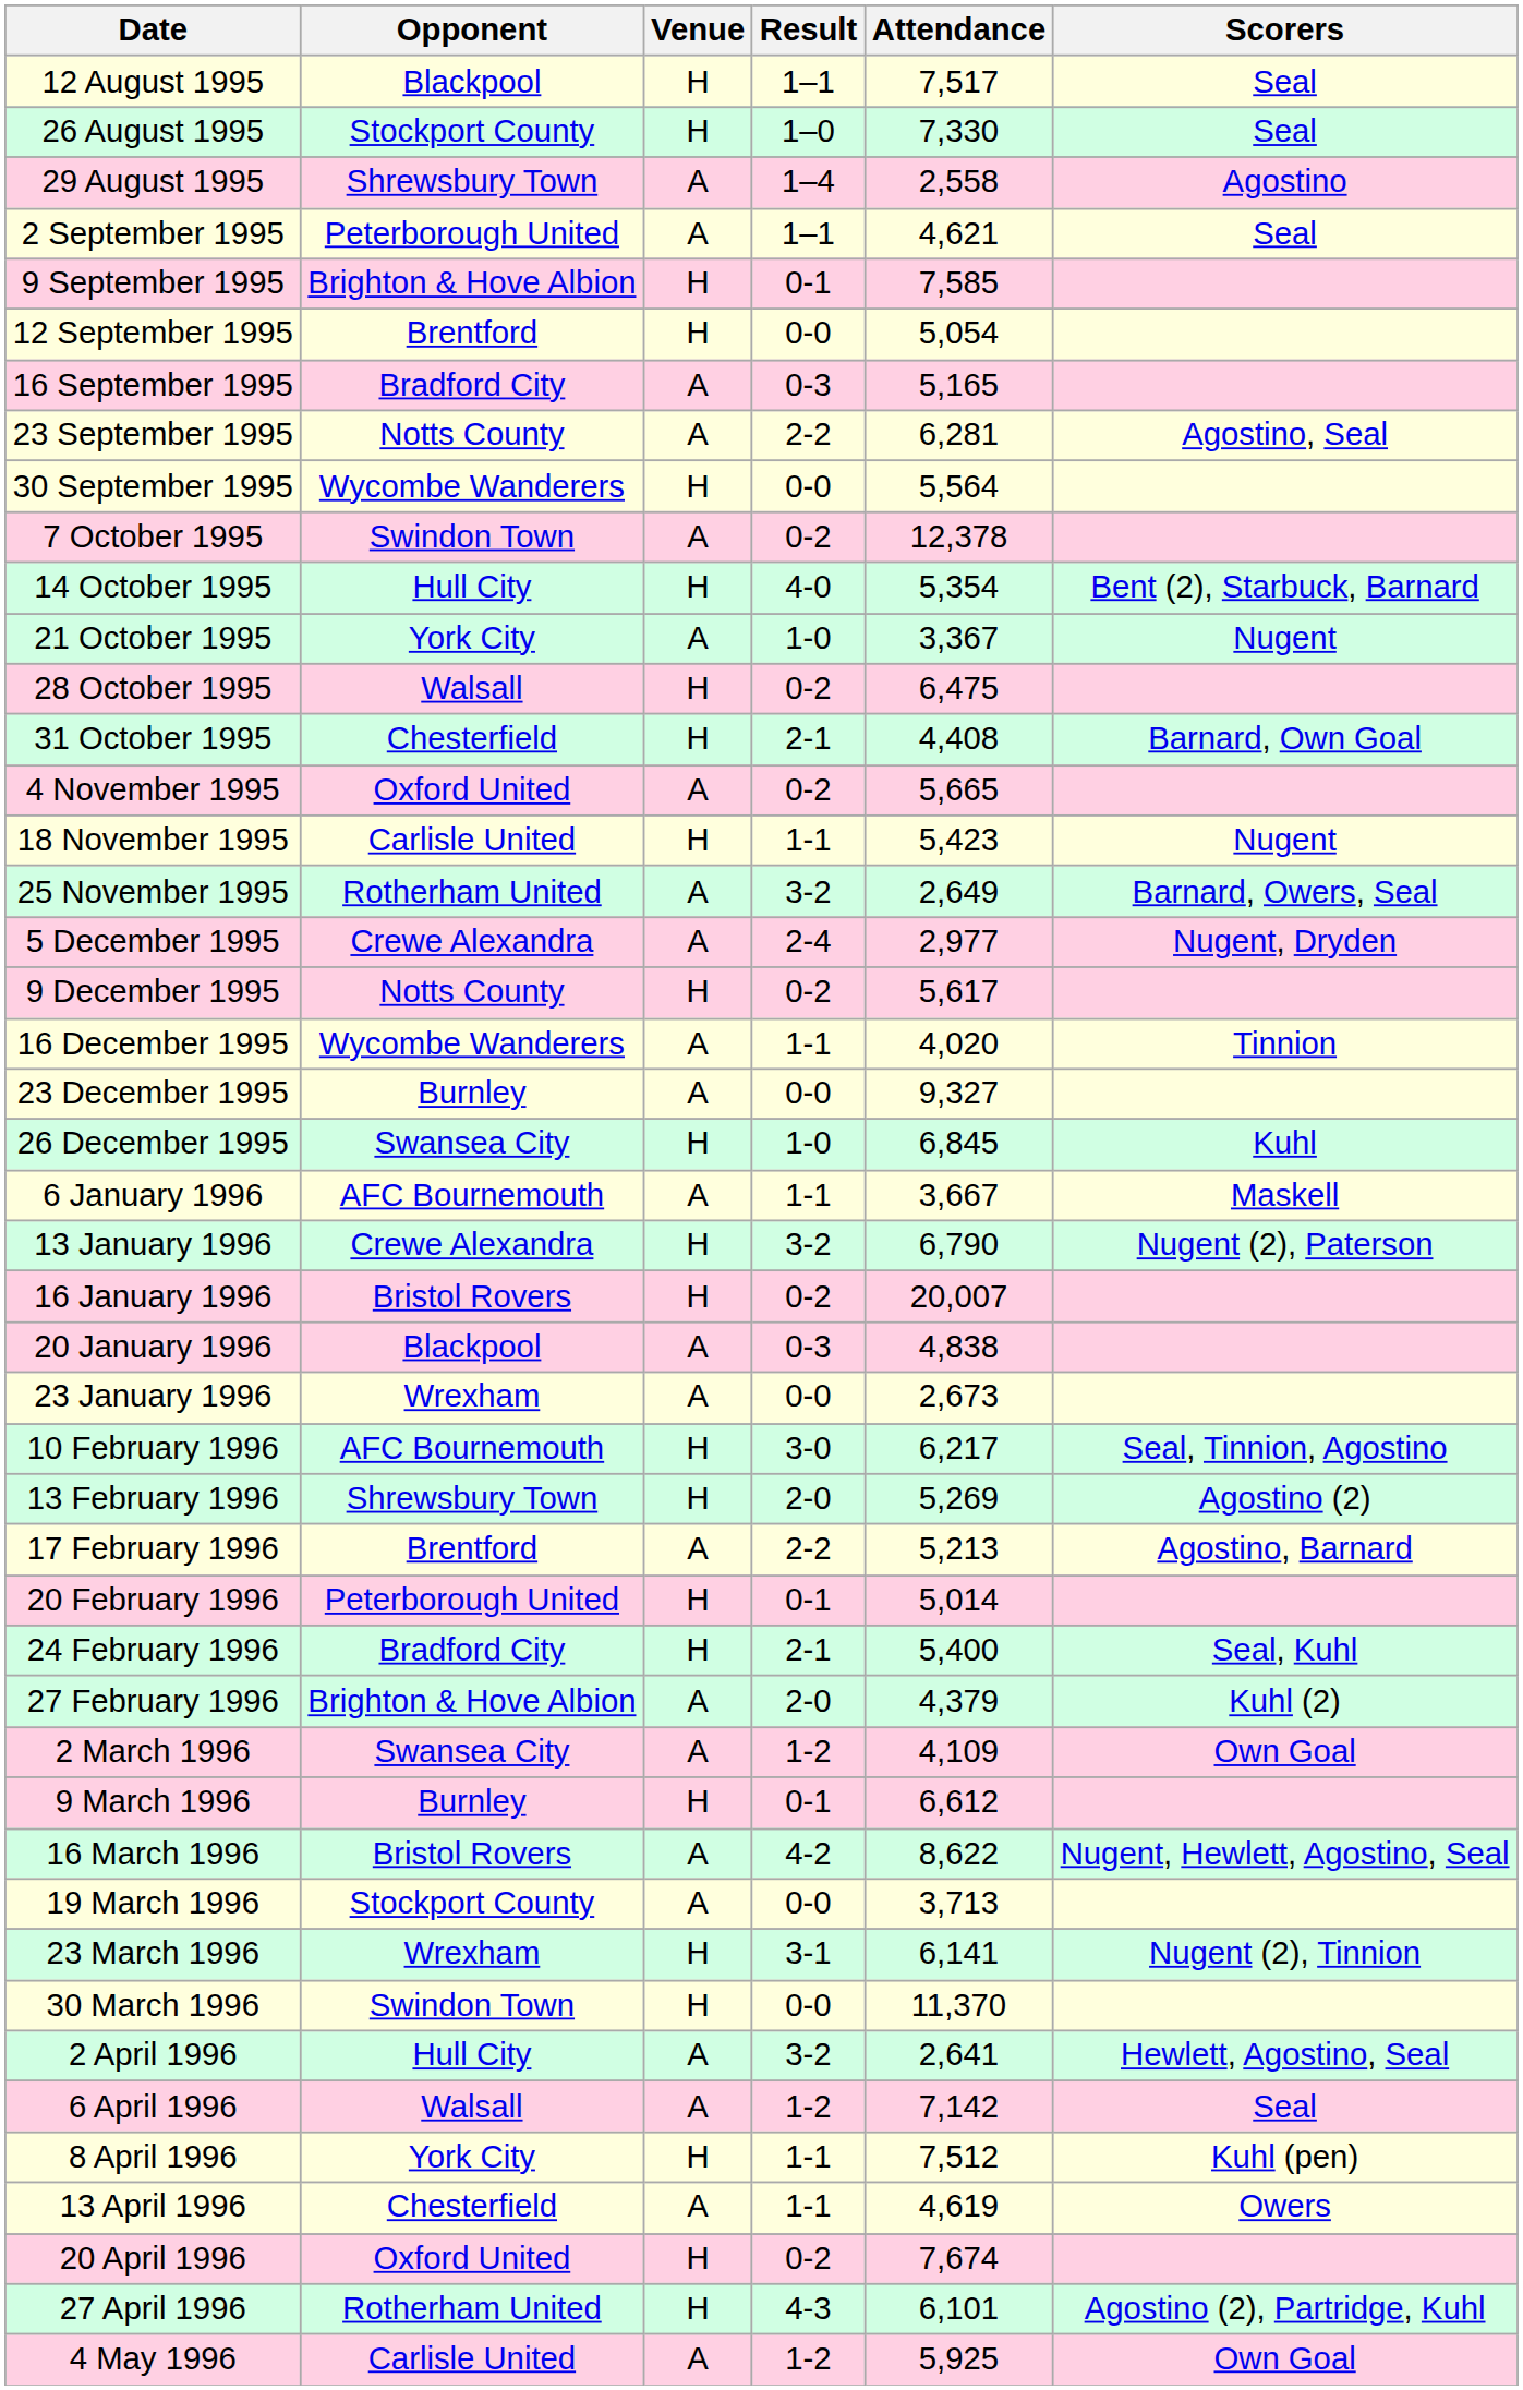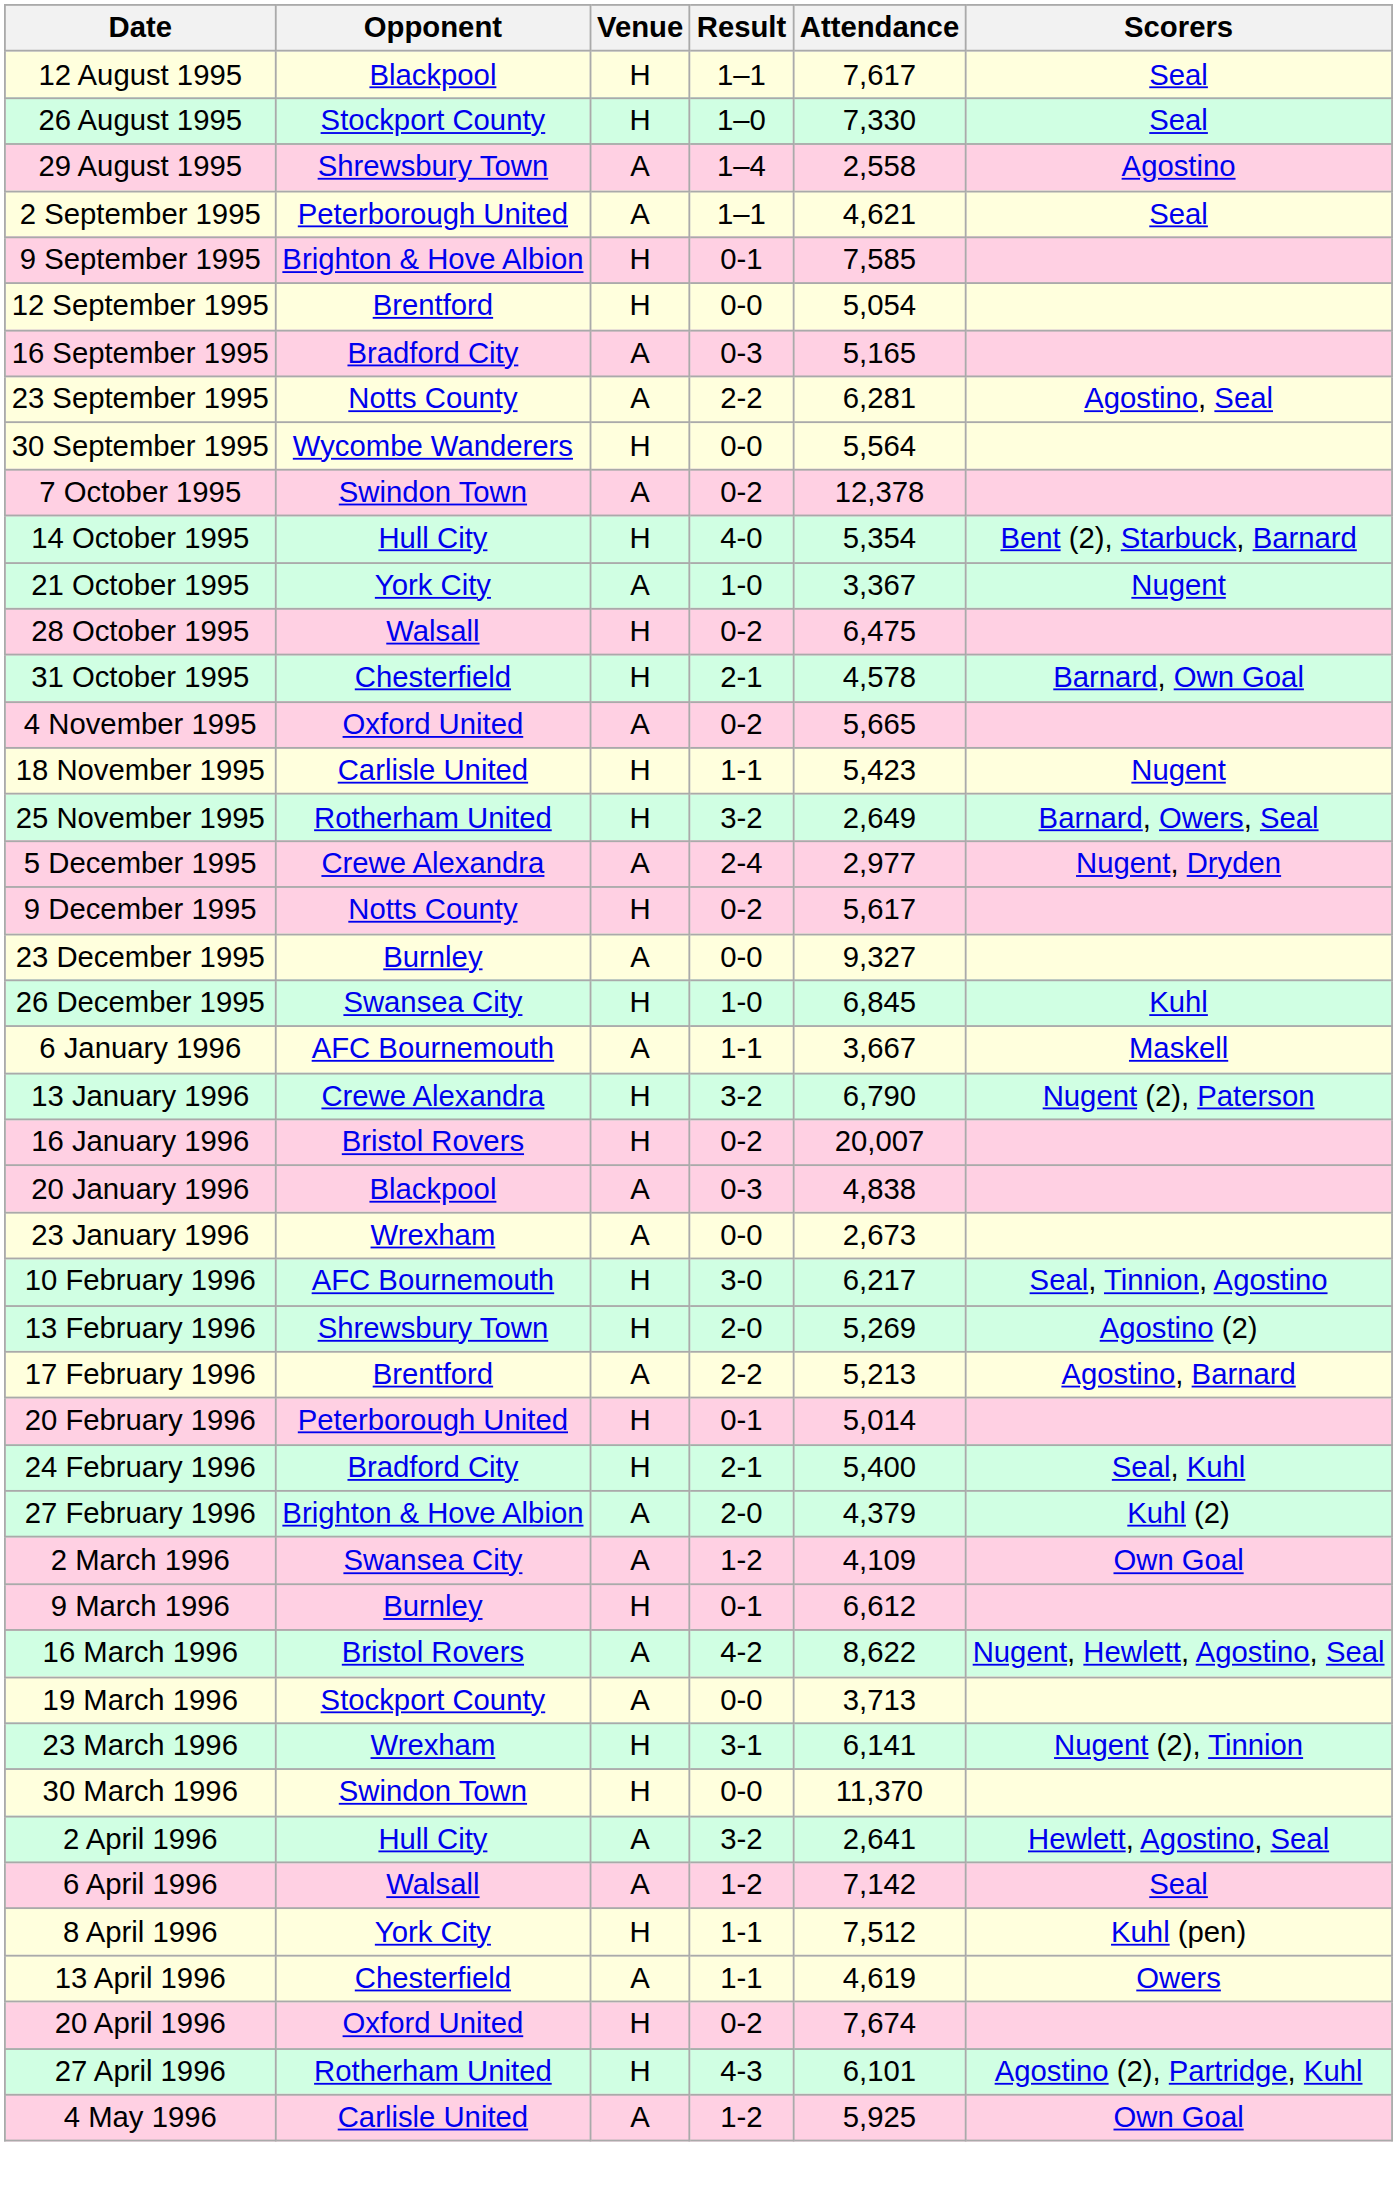 <table class="wikitable sortable" style="font-size:100%; text-align:center">
 <tr>
 <th>Date</th>
 <th>Opponent</th>
 <th>Venue</th>
 <th>Result</th>
 <th>Attendance</th>
 <th>Scorers</th>
 </tr>
 <tr style="background-color: #ffffdd;">
 <td>12 August 1995</td>
 <td><a href='#'>Blackpool</a></td>
 <td>H</td>
 <td>1–1</td>
-<td>7,517</td>
+<td>7,617</td>
 <td><a href='#'>Seal</a></td>
 </tr>
 <tr style="background-color: #d0ffe3;">
 <td>26 August 1995</td>
 <td><a href='#'>Stockport County</a></td>
 <td>H</td>
 <td>1–0</td>
 <td>7,330</td>
 <td><a href='#'>Seal</a></td>
 </tr>
 <tr style="background-color: #ffd0e3;">
 <td>29 August 1995</td>
 <td><a href='#'>Shrewsbury Town</a></td>
 <td>A</td>
 <td>1–4</td>
 <td>2,558</td>
 <td><a href='#'>Agostino</a></td>
 </tr>
 <tr style="background-color: #ffffdd;">
 <td>2 September 1995</td>
 <td><a href='#'>Peterborough United</a></td>
 <td>A</td>
 <td>1–1</td>
 <td>4,621</td>
 <td><a href='#'>Seal</a></td>
 </tr>
 <tr style="background-color: #ffd0e3;">
 <td>9 September 1995</td>
 <td><a href='#'>Brighton & Hove Albion</a></td>
 <td>H</td>
 <td>0-1</td>
 <td>7,585</td>
 <td></td>
 </tr>
 <tr style="background-color: #ffffdd;">
 <td>12 September 1995</td>
 <td><a href='#'>Brentford</a></td>
 <td>H</td>
 <td>0-0</td>
 <td>5,054</td>
 <td></td>
 </tr>
 <tr style="background-color: #ffd0e3;">
 <td>16 September 1995</td>
 <td><a href='#'>Bradford City</a></td>
 <td>A</td>
 <td>0-3</td>
 <td>5,165</td>
 <td></td>
 </tr>
 <tr style="background-color: #ffffdd;">
 <td>23 September 1995</td>
 <td><a href='#'>Notts County</a></td>
 <td>A</td>
 <td>2-2</td>
 <td>6,281</td>
 <td><a href='#'>Agostino</a>, <a href='#'>Seal</a></td>
 </tr>
 <tr style="background-color: #ffffdd;">
 <td>30 September 1995</td>
 <td><a href='#'>Wycombe Wanderers</a></td>
 <td>H</td>
 <td>0-0</td>
 <td>5,564</td>
 <td></td>
 </tr>
 <tr style="background-color: #ffd0e3;">
 <td>7 October 1995</td>
 <td><a href='#'>Swindon Town</a></td>
 <td>A</td>
 <td>0-2</td>
 <td>12,378</td>
 <td></td>
 </tr>
 <tr style="background-color: #d0ffe3;">
 <td>14 October 1995</td>
 <td><a href='#'>Hull City</a></td>
 <td>H</td>
 <td>4-0</td>
 <td>5,354</td>
 <td><a href='#'>Bent</a> (2), <a href='#'>Starbuck</a>, <a href='#'>Barnard</a></td>
 </tr>
 <tr style="background-color: #d0ffe3;">
 <td>21 October 1995</td>
 <td><a href='#'>York City</a></td>
 <td>A</td>
 <td>1-0</td>
 <td>3,367</td>
 <td><a href='#'>Nugent</a></td>
 </tr>
 <tr style="background-color: #ffd0e3;">
 <td>28 October 1995</td>
 <td><a href='#'>Walsall</a></td>
 <td>H</td>
 <td>0-2</td>
 <td>6,475</td>
 <td></td>
 </tr>
 <tr style="background-color: #d0ffe3;">
 <td>31 October 1995</td>
 <td><a href='#'>Chesterfield</a></td>
 <td>H</td>
 <td>2-1</td>
-<td>4,408</td>
+<td>4,578</td>
 <td><a href='#'>Barnard</a>, <a href='#'>Own Goal</a></td>
 </tr>
 <tr style="background-color: #ffd0e3;">
 <td>4 November 1995</td>
 <td><a href='#'>Oxford United</a></td>
 <td>A</td>
 <td>0-2</td>
 <td>5,665</td>
 <td></td>
 </tr>
 <tr style="background-color: #ffffdd;">
 <td>18 November 1995</td>
 <td><a href='#'>Carlisle United</a></td>
 <td>H</td>
 <td>1-1</td>
 <td>5,423</td>
 <td><a href='#'>Nugent</a></td>
 </tr>
 <tr style="background-color: #d0ffe3;">
 <td>25 November 1995</td>
 <td><a href='#'>Rotherham United</a></td>
-<td>A</td>
+<td>H</td>
 <td>3-2</td>
 <td>2,649</td>
 <td><a href='#'>Barnard</a>, <a href='#'>Owers</a>, <a href='#'>Seal</a></td>
 </tr>
 <tr style="background-color: #ffd0e3;">
 <td>5 December 1995</td>
 <td><a href='#'>Crewe Alexandra</a></td>
 <td>A</td>
 <td>2-4</td>
 <td>2,977</td>
 <td><a href='#'>Nugent</a>, <a href='#'>Dryden</a></td>
 </tr>
 <tr style="background-color: #ffd0e3;">
 <td>9 December 1995</td>
 <td><a href='#'>Notts County</a></td>
 <td>H</td>
 <td>0-2</td>
 <td>5,617</td>
 <td></td>
-</tr>
-<tr style="background-color: #ffffdd;">
-<td>16 December 1995</td>
-<td><a href='#'>Wycombe Wanderers</a></td>
-<td>A</td>
-<td>1-1</td>
-<td>4,020</td>
-<td><a href='#'>Tinnion</a></td>
 </tr>
 <tr style="background-color: #ffffdd;">
 <td>23 December 1995</td>
 <td><a href='#'>Burnley</a></td>
 <td>A</td>
 <td>0-0</td>
 <td>9,327</td>
 <td></td>
 </tr>
 <tr style="background-color: #d0ffe3;">
 <td>26 December 1995</td>
 <td><a href='#'>Swansea City</a></td>
 <td>H</td>
 <td>1-0</td>
 <td>6,845</td>
 <td><a href='#'>Kuhl</a></td>
 </tr>
 <tr style="background-color: #ffffdd;">
 <td>6 January 1996</td>
 <td><a href='#'>AFC Bournemouth</a></td>
 <td>A</td>
 <td>1-1</td>
 <td>3,667</td>
 <td><a href='#'>Maskell</a></td>
 </tr>
 <tr style="background-color: #d0ffe3;">
 <td>13 January 1996</td>
 <td><a href='#'>Crewe Alexandra</a></td>
 <td>H</td>
 <td>3-2</td>
 <td>6,790</td>
 <td><a href='#'>Nugent</a> (2), <a href='#'>Paterson</a></td>
 </tr>
 <tr style="background-color: #ffd0e3;">
 <td>16 January 1996</td>
 <td><a href='#'>Bristol Rovers</a></td>
 <td>H</td>
 <td>0-2</td>
 <td>20,007</td>
 <td></td>
 </tr>
 <tr style="background-color: #ffd0e3;">
 <td>20 January 1996</td>
 <td><a href='#'>Blackpool</a></td>
 <td>A</td>
 <td>0-3</td>
 <td>4,838</td>
 <td></td>
 </tr>
 <tr style="background-color: #ffffdd;">
 <td>23 January 1996</td>
 <td><a href='#'>Wrexham</a></td>
 <td>A</td>
 <td>0-0</td>
 <td>2,673</td>
 <td></td>
 </tr>
 <tr style="background-color: #d0ffe3;">
 <td>10 February 1996</td>
 <td><a href='#'>AFC Bournemouth</a></td>
 <td>H</td>
 <td>3-0</td>
 <td>6,217</td>
 <td><a href='#'>Seal</a>, <a href='#'>Tinnion</a>, <a href='#'>Agostino</a></td>
 </tr>
 <tr style="background-color: #d0ffe3;">
 <td>13 February 1996</td>
 <td><a href='#'>Shrewsbury Town</a></td>
 <td>H</td>
 <td>2-0</td>
 <td>5,269</td>
 <td><a href='#'>Agostino</a> (2)</td>
 </tr>
 <tr style="background-color: #ffffdd;">
 <td>17 February 1996</td>
 <td><a href='#'>Brentford</a></td>
 <td>A</td>
 <td>2-2</td>
 <td>5,213</td>
 <td><a href='#'>Agostino</a>, <a href='#'>Barnard</a></td>
 </tr>
 <tr style="background-color: #ffd0e3;">
 <td>20 February 1996</td>
 <td><a href='#'>Peterborough United</a></td>
 <td>H</td>
 <td>0-1</td>
 <td>5,014</td>
 <td></td>
 </tr>
 <tr style="background-color: #d0ffe3;">
 <td>24 February 1996</td>
 <td><a href='#'>Bradford City</a></td>
 <td>H</td>
 <td>2-1</td>
 <td>5,400</td>
 <td><a href='#'>Seal</a>, <a href='#'>Kuhl</a></td>
 </tr>
 <tr style="background-color: #d0ffe3;">
 <td>27 February 1996</td>
 <td><a href='#'>Brighton & Hove Albion</a></td>
 <td>A</td>
 <td>2-0</td>
 <td>4,379</td>
 <td><a href='#'>Kuhl</a> (2)</td>
 </tr>
 <tr style="background-color: #ffd0e3;">
 <td>2 March 1996</td>
 <td><a href='#'>Swansea City</a></td>
 <td>A</td>
 <td>1-2</td>
 <td>4,109</td>
 <td><a href='#'>Own Goal</a></td>
 </tr>
 <tr style="background-color: #ffd0e3;">
 <td>9 March 1996</td>
 <td><a href='#'>Burnley</a></td>
 <td>H</td>
 <td>0-1</td>
 <td>6,612</td>
 <td></td>
 </tr>
 <tr style="background-color: #d0ffe3;">
 <td>16 March 1996</td>
 <td><a href='#'>Bristol Rovers</a></td>
 <td>A</td>
 <td>4-2</td>
 <td>8,622</td>
 <td><a href='#'>Nugent</a>, <a href='#'>Hewlett</a>, <a href='#'>Agostino</a>, <a href='#'>Seal</a></td>
 </tr>
 <tr style="background-color: #ffffdd;">
 <td>19 March 1996</td>
 <td><a href='#'>Stockport County</a></td>
 <td>A</td>
 <td>0-0</td>
 <td>3,713</td>
 <td></td>
 </tr>
 <tr style="background-color: #d0ffe3;">
 <td>23 March 1996</td>
 <td><a href='#'>Wrexham</a></td>
 <td>H</td>
 <td>3-1</td>
 <td>6,141</td>
 <td><a href='#'>Nugent</a> (2), <a href='#'>Tinnion</a></td>
 </tr>
 <tr style="background-color: #ffffdd;">
 <td>30 March 1996</td>
 <td><a href='#'>Swindon Town</a></td>
 <td>H</td>
 <td>0-0</td>
 <td>11,370</td>
 <td></td>
 </tr>
 <tr style="background-color: #d0ffe3;">
 <td>2 April 1996</td>
 <td><a href='#'>Hull City</a></td>
 <td>A</td>
 <td>3-2</td>
 <td>2,641</td>
 <td><a href='#'>Hewlett</a>, <a href='#'>Agostino</a>, <a href='#'>Seal</a></td>
 </tr>
 <tr style="background-color: #ffd0e3;">
 <td>6 April 1996</td>
 <td><a href='#'>Walsall</a></td>
 <td>A</td>
 <td>1-2</td>
 <td>7,142</td>
 <td><a href='#'>Seal</a></td>
 </tr>
 <tr style="background-color: #ffffdd;">
 <td>8 April 1996</td>
 <td><a href='#'>York City</a></td>
 <td>H</td>
 <td>1-1</td>
 <td>7,512</td>
 <td><a href='#'>Kuhl</a> (pen)</td>
 </tr>
 <tr style="background-color: #ffffdd;">
 <td>13 April 1996</td>
 <td><a href='#'>Chesterfield</a></td>
 <td>A</td>
 <td>1-1</td>
 <td>4,619</td>
 <td><a href='#'>Owers</a></td>
 </tr>
 <tr style="background-color: #ffd0e3;">
 <td>20 April 1996</td>
 <td><a href='#'>Oxford United</a></td>
 <td>H</td>
 <td>0-2</td>
 <td>7,674</td>
 <td></td>
 </tr>
 <tr style="background-color: #d0ffe3;">
 <td>27 April 1996</td>
 <td><a href='#'>Rotherham United</a></td>
 <td>H</td>
 <td>4-3</td>
 <td>6,101</td>
 <td><a href='#'>Agostino</a> (2), <a href='#'>Partridge</a>, <a href='#'>Kuhl</a></td>
 </tr>
 <tr style="background-color: #ffd0e3;">
 <td>4 May 1996</td>
 <td><a href='#'>Carlisle United</a></td>
 <td>A</td>
 <td>1-2</td>
 <td>5,925</td>
 <td><a href='#'>Own Goal</a></td>
 </tr>
 </table>
